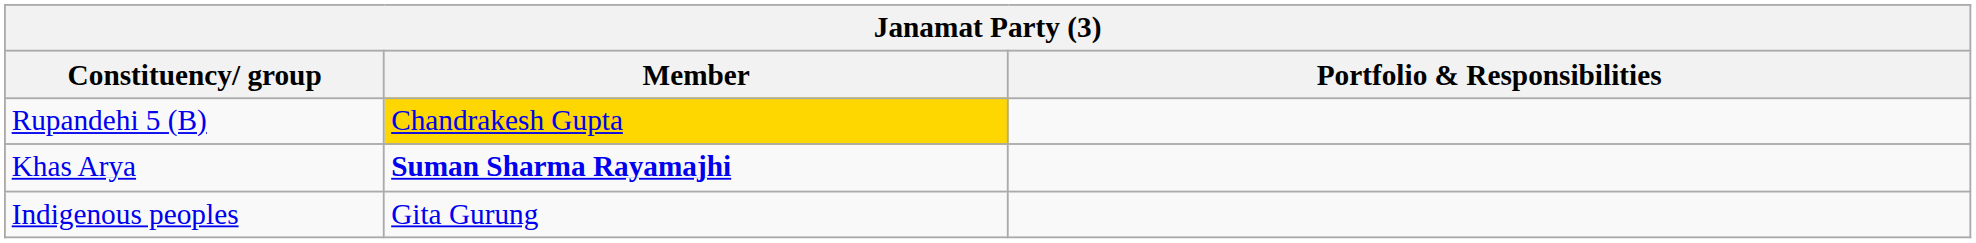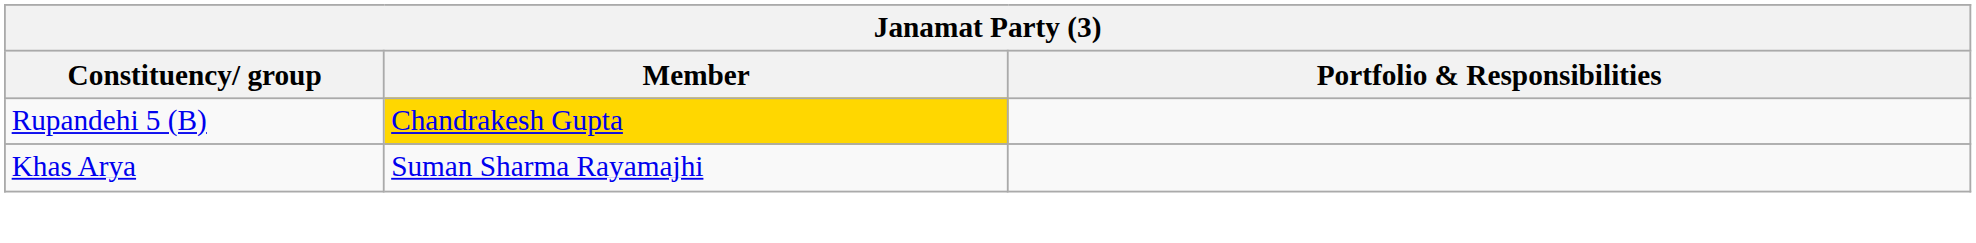 <table class="wikitable">
 <tr>
 <th colspan="3" style="width: 800pt; background:">Janamat Party (3)</th>
 </tr>
 <tr>
 <th style="width:150pt;">Constituency/ group</th>
 <th style="width:250pt;">Member</th>
 <th>Portfolio & Responsibilities</th>
 </tr>
 <tr>
 <td><a href='#'>Rupandehi 5 (B)</a></td>
 <td style="background: gold;"><a href='#'>Chandrakesh Gupta</a></td>
 <td></td>
 </tr>
 <tr>
 <td><a href='#'>Khas Arya</a></td>
-<td><strong><a href='#'>Suman Sharma Rayamajhi</a></strong></td>
-<td></td>
-</tr>
-<tr>
-<td><a href='#'>Indigenous peoples</a></td>
-<td><a href='#'>Gita Gurung</a></td>
+<td><a href='#'>Suman Sharma Rayamajhi</a></td>
 <td></td>
 </tr>
 </table>
